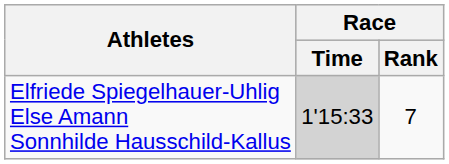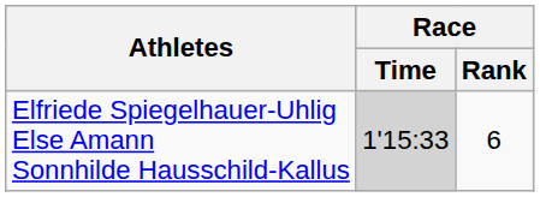 <table class="wikitable" border="1" style="font-size:90%">
 <tr>
 <th rowspan=2>Athletes</th>
 <th colspan=2>Race</th>
 </tr>
 <tr>
 <th>Time</th>
 <th>Rank</th>
 </tr>
 <tr>
 <td><a href='#'>Elfriede Spiegelhauer-Uhlig</a><br><a href='#'>Else Amann</a><br><a href='#'>Sonnhilde Hausschild-Kallus</a></td>
 <td align=center style="background: lightgrey;">1'15:33</td>
-<td align=center>7</td>
+<td align=center>6</td>
 </tr>
 </table>
